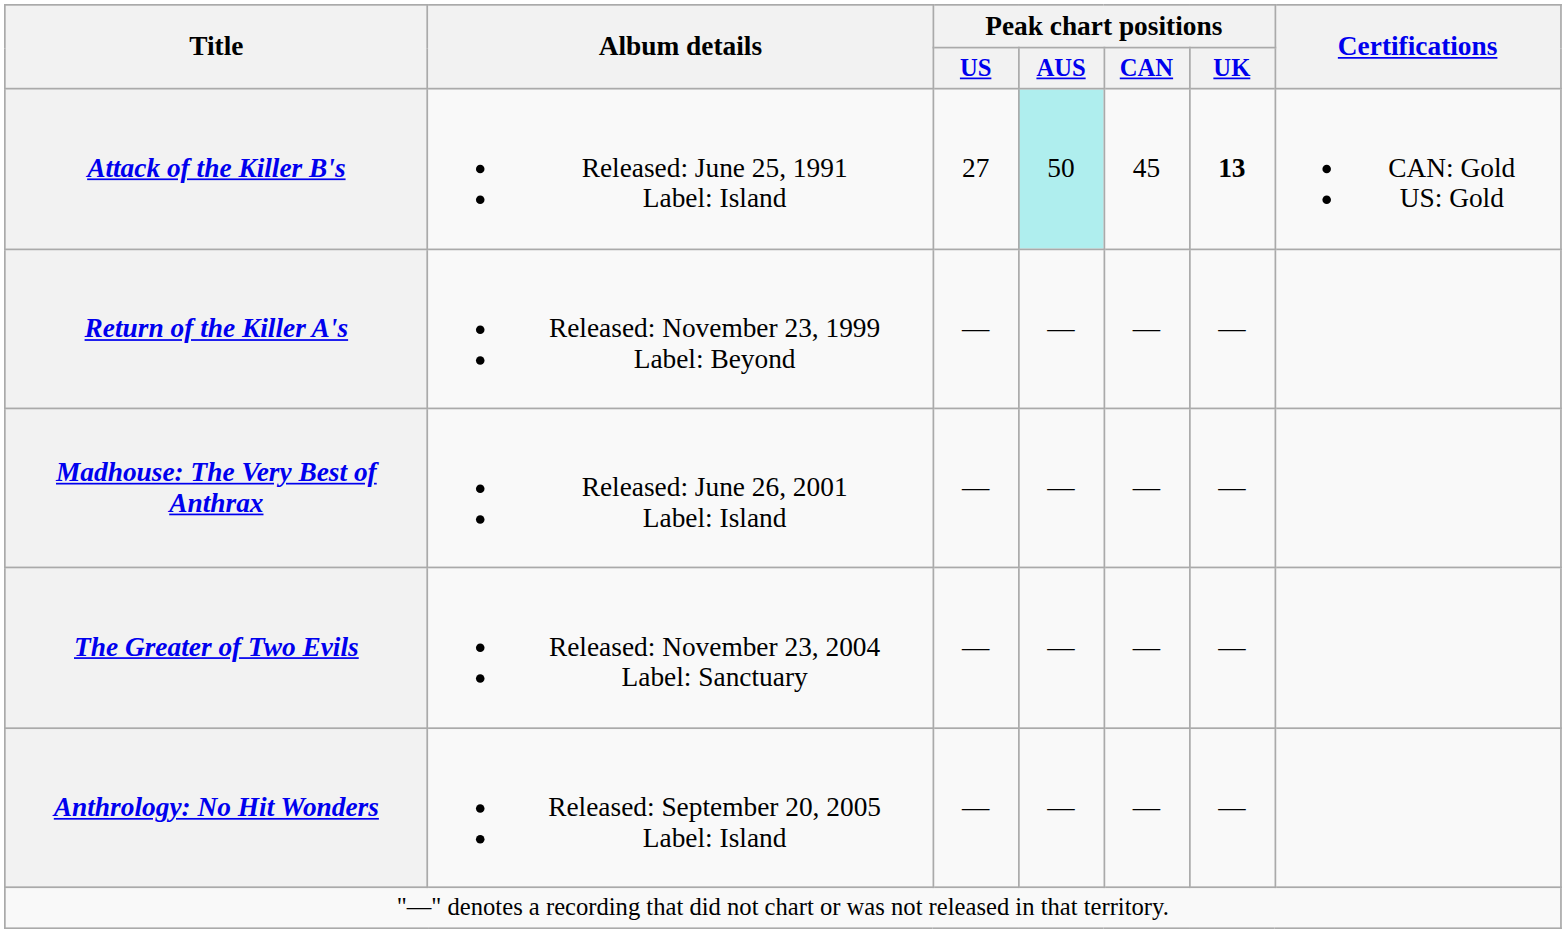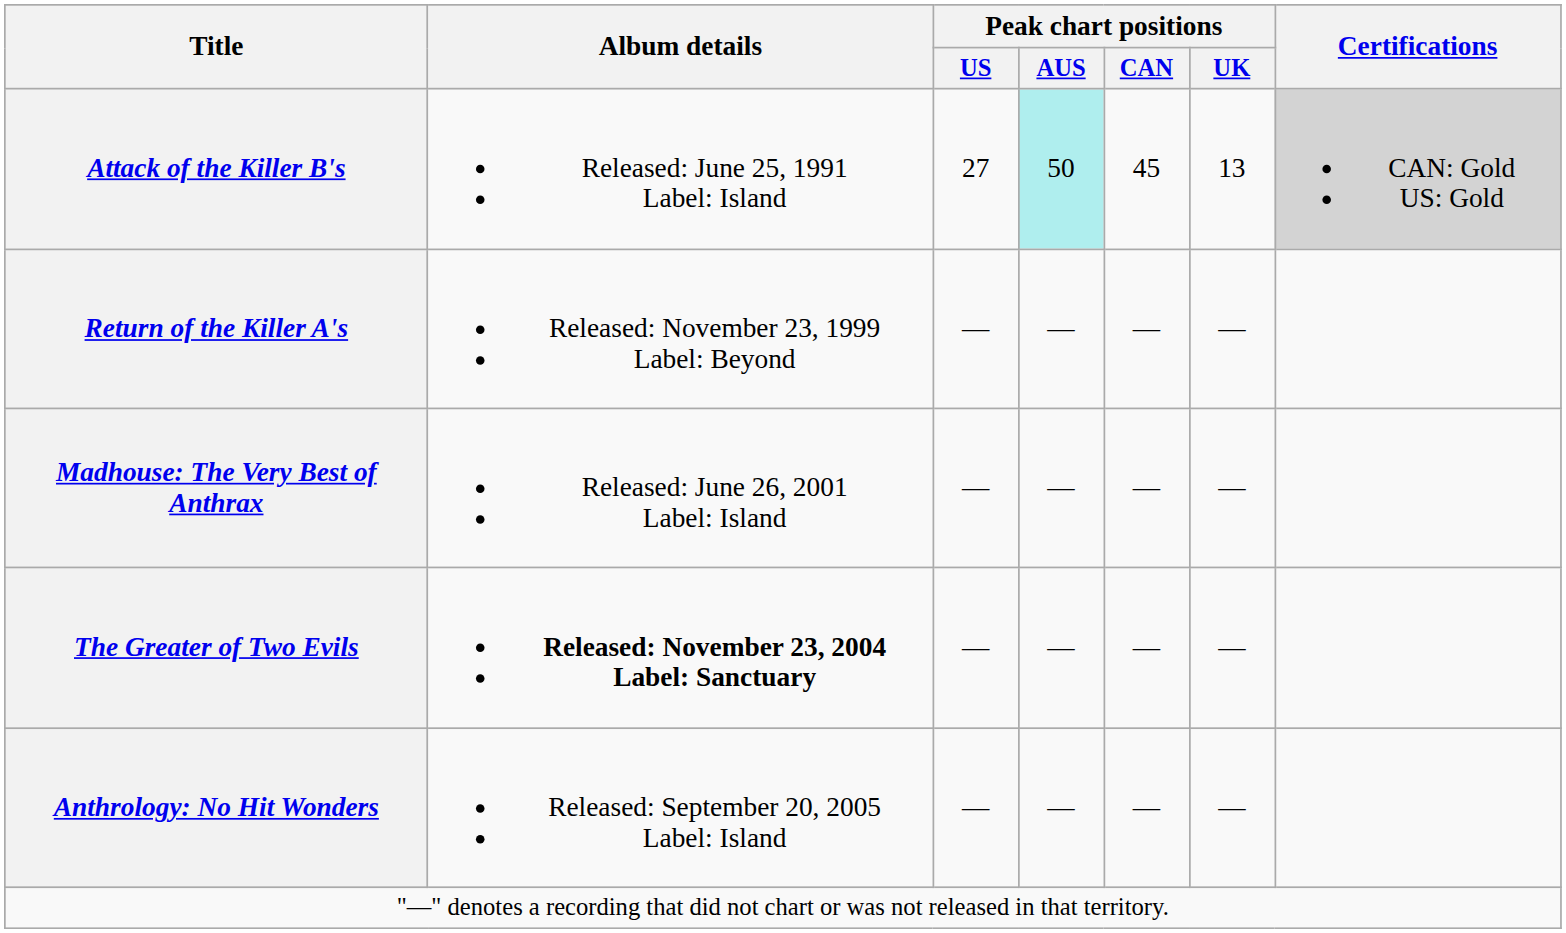 <table class="wikitable plainrowheaders" style="text-align:center;">
 <tr>
 <th scope="col" rowspan="2" style="width:15em;">Title</th>
 <th scope="col" rowspan="2" style="width:18em;">Album details</th>
 <th scope="col" colspan="4">Peak chart positions</th>
 <th scope="col" rowspan="2" style="width:10em;"><a href='#'>Certifications</a></th>
 </tr>
 <tr>
 <th scope="col" style="width:3em;font-size:90%;"><a href='#'>US</a><br></th>
 <th scope="col" style="width:3em;font-size:90%;"><a href='#'>AUS</a><br></th>
 <th scope="col" style="width:3em;font-size:90%;"><a href='#'>CAN</a><br></th>
 <th scope="col" style="width:3em;font-size:90%;"><a href='#'>UK</a><br></th>
 </tr>
 <tr>
 <th scope="row"><em><a href='#'>Attack of the Killer B's</a></em></th>
 <td><br><ul><li>Released: June 25, 1991</li><li>Label: Island</li></ul></td>
 <td>27</td>
 <td style="background: paleturquoise;">50</td>
 <td>45</td>
-<td><strong>13</strong></td>
-<td><br><ul><li>CAN: Gold</li><li>US: Gold</li></ul></td>
+<td>13</td>
+<td style="background: lightgrey;"><br><ul><li>CAN: Gold</li><li>US: Gold</li></ul></td>
 </tr>
 <tr>
 <th scope="row"><em><a href='#'>Return of the Killer A's</a></em></th>
 <td><br><ul><li>Released: November 23, 1999</li><li>Label: Beyond</li></ul></td>
 <td>—</td>
 <td>—</td>
 <td>—</td>
 <td>—</td>
 <td></td>
 </tr>
 <tr>
 <th scope="row"><em><a href='#'>Madhouse: The Very Best of Anthrax</a></em></th>
 <td><br><ul><li>Released: June 26, 2001</li><li>Label: Island</li></ul></td>
 <td>—</td>
 <td>—</td>
 <td>—</td>
 <td>—</td>
 <td></td>
 </tr>
 <tr>
 <th scope="row"><em><a href='#'>The Greater of Two Evils</a></em></th>
-<td><br><ul><li>Released: November 23, 2004</li><li>Label: Sanctuary</li></ul></td>
+<td><strong><br><ul><li>Released: November 23, 2004</li><li>Label: Sanctuary</li></ul></strong></td>
 <td>—</td>
 <td>—</td>
 <td>—</td>
 <td>—</td>
 <td></td>
 </tr>
 <tr>
 <th scope="row"><em><a href='#'>Anthrology: No Hit Wonders</a></em></th>
 <td><br><ul><li>Released: September 20, 2005</li><li>Label: Island</li></ul></td>
 <td>—</td>
 <td>—</td>
 <td>—</td>
 <td>—</td>
 <td></td>
 </tr>
 <tr>
 <td colspan="13" style="font-size:90%">"—" denotes a recording that did not chart or was not released in that territory.</td>
 </tr>
 </table>
